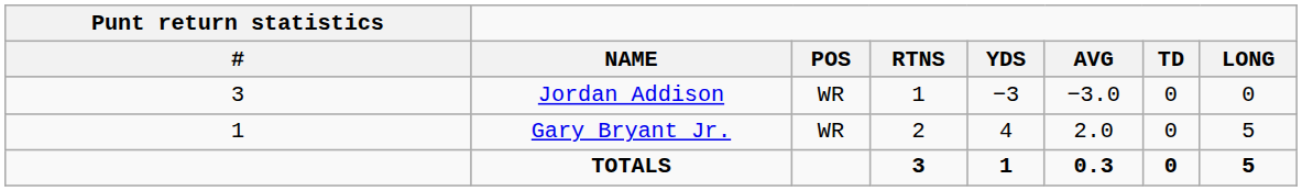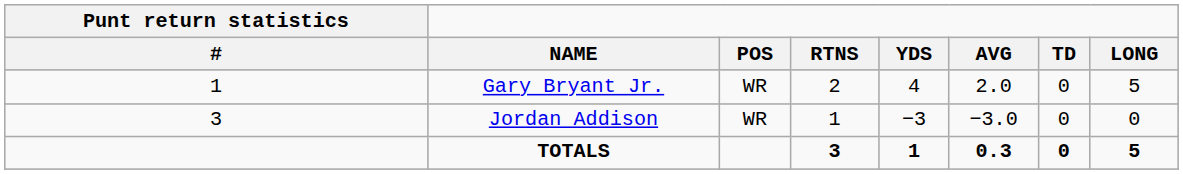 <table style="width:60%; text-align:center;" class="wikitable collapsible collapsed">
 <tr>
 <th style="text-align:center; ">Punt return statistics</th>
 </tr>
 <tr>
 <th>#</th>
 <th>NAME</th>
 <th>POS</th>
 <th>RTNS</th>
 <th>YDS</th>
 <th>AVG</th>
 <th>TD</th>
 <th>LONG</th>
 </tr>
 <tr>
+<td>1</td>
+<td><a href='#'>Gary Bryant Jr.</a></td>
+<td>WR</td>
+<td>2</td>
+<td>4</td>
+<td>2.0</td>
+<td>0</td>
+<td>5</td>
+</tr>
+<tr>
 <td>3</td>
 <td><a href='#'>Jordan Addison</a></td>
 <td>WR</td>
 <td>1</td>
 <td>−3</td>
 <td>−3.0</td>
 <td>0</td>
 <td>0</td>
-</tr>
-<tr>
-<td>1</td>
-<td><a href='#'>Gary Bryant Jr.</a></td>
-<td>WR</td>
-<td>2</td>
-<td>4</td>
-<td>2.0</td>
-<td>0</td>
-<td>5</td>
 </tr>
 <tr>
 <td></td>
 <td><strong>TOTALS</strong></td>
 <td></td>
 <td><strong>3</strong></td>
 <td><strong>1</strong></td>
 <td><strong>0.3</strong></td>
 <td><strong>0</strong></td>
 <td><strong>5</strong></td>
 </tr>
 </table>
